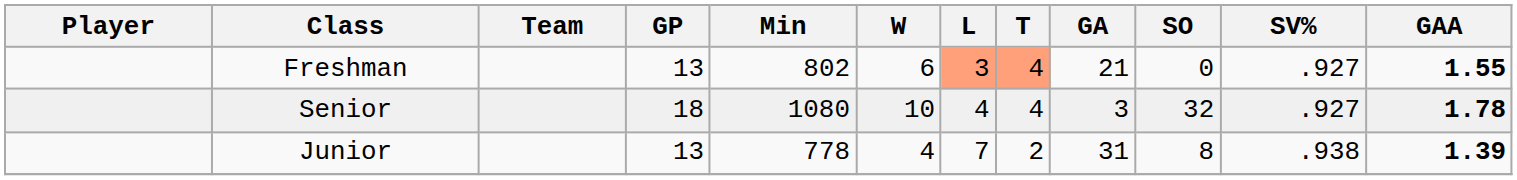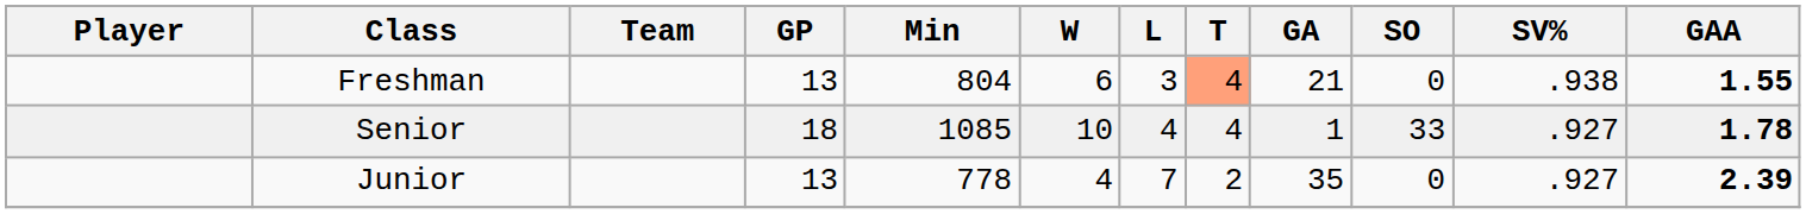 <table class="wikitable sortable" style="text-align: center; "width=60%">
 <tr>
 <th>Player</th>
 <th>Class</th>
 <th>Team</th>
 <th>GP</th>
 <th>Min</th>
 <th>W</th>
 <th>L</th>
 <th>T</th>
 <th>GA</th>
 <th>SO</th>
 <th>SV%</th>
 <th>GAA</th>
 </tr>
 <tr>
 <td style="text-align: left"></td>
 <td>Freshman</td>
 <td><strong><a href='#'></a></strong></td>
 <td style="text-align: right">13</td>
-<td style="text-align: right">802</td>
+<td style="text-align: right">804</td>
 <td style="text-align: right">6</td>
-<td style="background: lightsalmon; text-align: right">3</td>
+<td style="text-align: right">3</td>
 <td style="background: lightsalmon; text-align: right">4</td>
 <td style="text-align: right">21</td>
 <td style="text-align: right">0</td>
-<td style="text-align: right">.927</td>
+<td style="text-align: right">.938</td>
 <td style="text-align: right"><strong>1.55</strong></td>
 </tr>
 <tr bgcolor=f0f0f0>
 <td style="text-align: left"></td>
 <td>Senior</td>
 <td><strong><a href='#'></a></strong></td>
 <td style="text-align: right">18</td>
-<td style="text-align: right">1080</td>
+<td style="text-align: right">1085</td>
 <td style="text-align: right">10</td>
 <td style="text-align: right">4</td>
 <td style="text-align: right">4</td>
-<td style="text-align: right">3</td>
-<td style="text-align: right">32</td>
+<td style="text-align: right">1</td>
+<td style="text-align: right">33</td>
 <td style="text-align: right">.927</td>
 <td style="text-align: right"><strong>1.78</strong></td>
 </tr>
 <tr>
 <td style="text-align: left"></td>
 <td>Junior</td>
 <td><strong><a href='#'></a></strong></td>
 <td style="text-align: right">13</td>
 <td style="text-align: right">778</td>
 <td style="text-align: right">4</td>
 <td style="text-align: right">7</td>
 <td style="text-align: right">2</td>
-<td style="text-align: right">31</td>
-<td style="text-align: right">8</td>
-<td style="text-align: right">.938</td>
-<td style="text-align: right"><strong>1.39</strong></td>
+<td style="text-align: right">35</td>
+<td style="text-align: right">0</td>
+<td style="text-align: right">.927</td>
+<td style="text-align: right"><strong>2.39</strong></td>
 </tr>
 <tr>
 </tr>
 </table>
